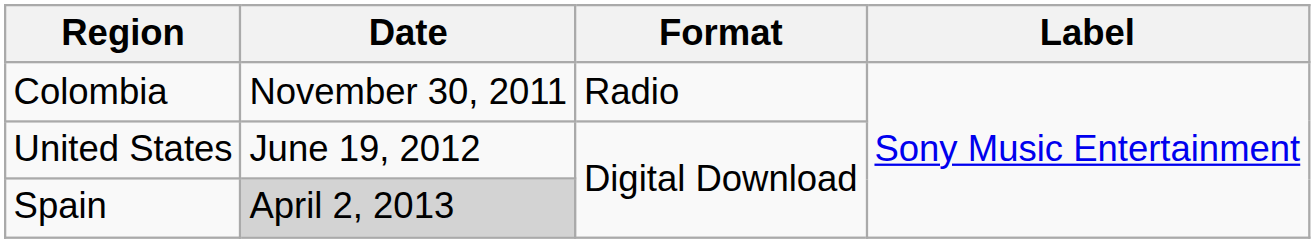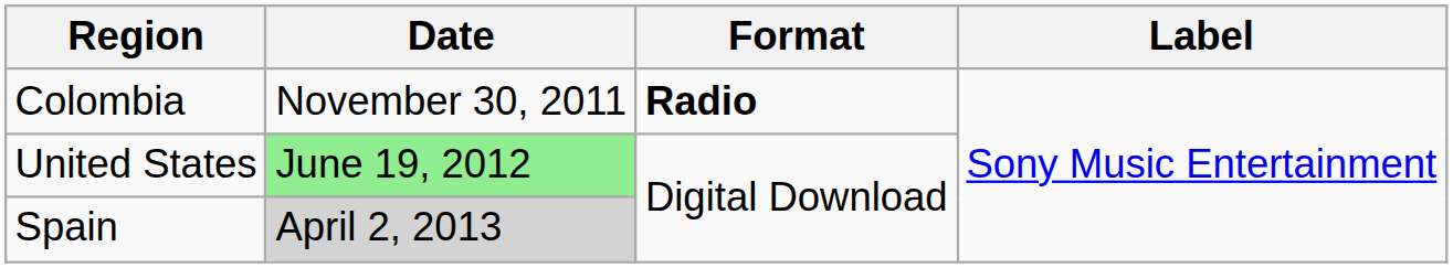 <table class=wikitable>
 <tr>
 <th>Region</th>
 <th>Date</th>
 <th>Format</th>
 <th>Label</th>
 </tr>
 <tr>
 <td>Colombia</td>
 <td rowspan="1">November 30, 2011</td>
-<td rowspan="1">Radio</td>
+<td rowspan="1"><strong>Radio</strong></td>
 <td rowspan="3"><a href='#'>Sony Music Entertainment</a></td>
 </tr>
 <tr>
 <td>United States</td>
-<td rowspan="1">June 19, 2012</td>
+<td rowspan="1" style="background: lightgreen;">June 19, 2012</td>
 <td rowspan="2">Digital Download</td>
 </tr>
 <tr>
 <td>Spain</td>
 <td rowspan="1" style="background: lightgrey;">April 2, 2013</td>
 </tr>
 </table>
